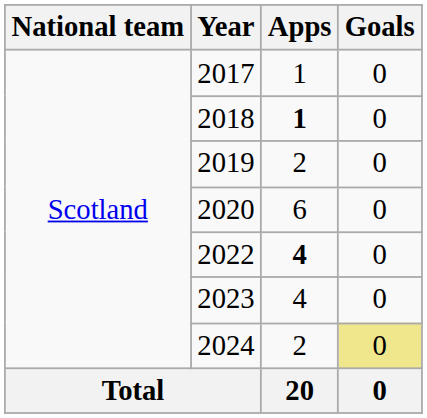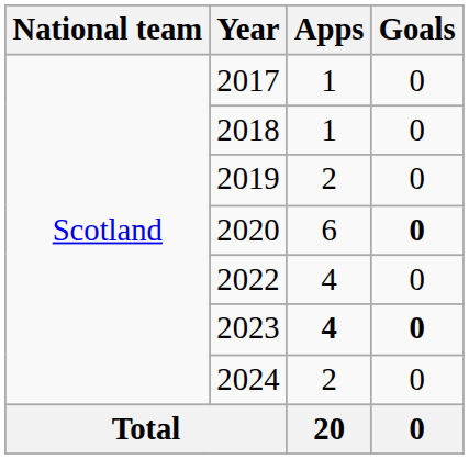 <table class=wikitable style="text-align: center;">
 <tr>
 <th>National team</th>
 <th>Year</th>
 <th>Apps</th>
 <th>Goals</th>
 </tr>
 <tr>
 <td rowspan="7"><a href='#'>Scotland</a></td>
 <td>2017</td>
 <td>1</td>
 <td>0</td>
 </tr>
 <tr>
 <td>2018</td>
-<td><strong>1</strong></td>
+<td>1</td>
 <td>0</td>
 </tr>
 <tr>
 <td>2019</td>
 <td>2</td>
 <td>0</td>
 </tr>
 <tr>
 <td>2020</td>
 <td>6</td>
-<td>0</td>
+<td><strong>0</strong></td>
 </tr>
 <tr>
 <td>2022</td>
-<td><strong>4</strong></td>
+<td>4</td>
 <td>0</td>
 </tr>
 <tr>
 <td>2023</td>
-<td>4</td>
-<td>0</td>
+<td><strong>4</strong></td>
+<td><strong>0</strong></td>
 </tr>
 <tr>
 <td>2024</td>
 <td>2</td>
-<td style="background: khaki;">0</td>
+<td>0</td>
 </tr>
 <tr>
 <th colspan="2">Total</th>
 <th>20</th>
 <th>0</th>
 </tr>
 </table>
